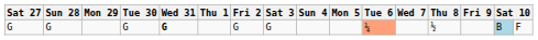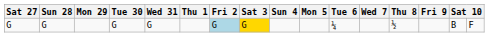 <table class="wikitable olympic-schedule basketball">
 <tr>
 <th>Sat 27</th>
 <th>Sun 28</th>
 <th>Mon 29</th>
 <th>Tue 30</th>
 <th>Wed 31</th>
 <th>Thu 1</th>
 <th>Fri 2</th>
 <th>Sat 3</th>
 <th>Sun 4</th>
 <th>Mon 5</th>
 <th>Tue 6</th>
 <th>Wed 7</th>
 <th>Thu 8</th>
 <th>Fri 9</th>
 <th colspan="2">Sat 10</th>
 </tr>
 <tr>
 <td class="team-group">G</td>
 <td class="team-group">G</td>
 <td></td>
 <td class="team-group">G</td>
-<td class="team-group"><strong>G</strong></td>
-<td></td>
-<td class="team-group">G</td>
 <td class="team-group">G</td>
 <td></td>
+<td class="team-group" style="background: lightblue;">G</td>
+<td class="team-group" style="background: gold;">G</td>
 <td></td>
-<td class="team-qf" style="background: lightsalmon;">¼</td>
+<td></td>
+<td class="team-qf">¼</td>
 <td></td>
 <td class="team-sf">½</td>
 <td></td>
-<td class="team-bronze" style="background: lightblue;">B</td>
+<td class="team-bronze">B</td>
 <td class="team-final">F</td>
 </tr>
 </table>
